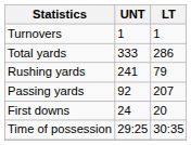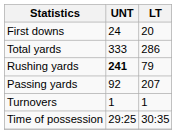 <table class="wikitable" style="float: left;">
 <tr>
 <th>Statistics</th>
 <th>UNT</th>
 <th>LT</th>
 </tr>
 <tr>
-<td>Turnovers</td>
-<td>1</td>
-<td>1</td>
+<td>First downs</td>
+<td>24</td>
+<td>20</td>
 </tr>
 <tr>
 <td>Total yards</td>
 <td>333</td>
 <td>286</td>
 </tr>
 <tr>
 <td>Rushing yards</td>
-<td>241</td>
+<td><strong>241</strong></td>
 <td>79</td>
 </tr>
 <tr>
 <td>Passing yards</td>
 <td>92</td>
 <td>207</td>
 </tr>
 <tr>
-<td>First downs</td>
-<td>24</td>
-<td>20</td>
+<td>Turnovers</td>
+<td>1</td>
+<td>1</td>
 </tr>
 <tr>
 <td>Time of possession</td>
 <td>29:25</td>
 <td>30:35</td>
 </tr>
 <tr>
 </tr>
 </table>
